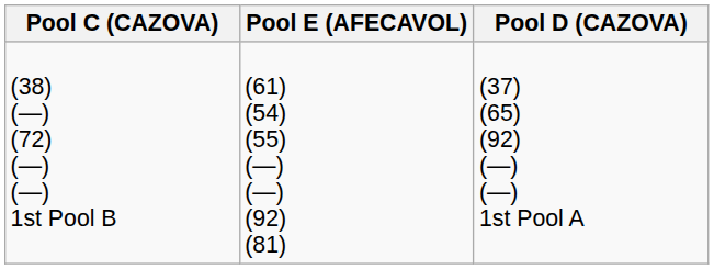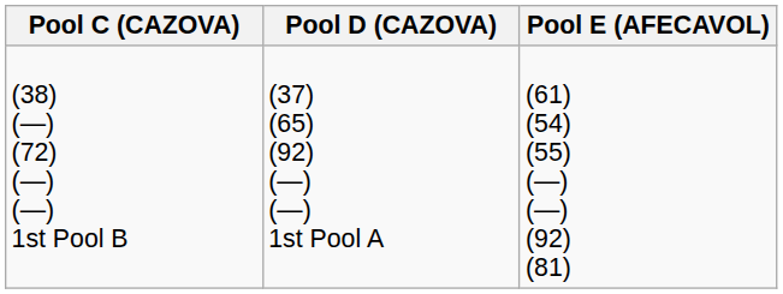 <table class="wikitable">
 <tr>
 <th width=33%>Pool C (CAZOVA)</th>
+<th width=33%>Pool D (CAZOVA)</th>
 <th width=33%>Pool E (AFECAVOL)</th>
-<th width=33%>Pool D (CAZOVA)</th>
 </tr>
 <tr>
 <td valign=top><br> (38)<br>  (—)<br>  (72)<br>  (—)<br>  (—)<br> 1st Pool B</td>
+<td valign=top><br> (37)<br>  (65)<br>  (92)<br>  (—)<br>  (—)<br> 1st Pool A</td>
 <td><br> (61)<br>  (54)<br>  (55)<br>  (—)<br>  (—)<br>  (92)<br>  (81)</td>
-<td valign=top><br> (37)<br>  (65)<br>  (92)<br>  (—)<br>  (—)<br> 1st Pool A</td>
 </tr>
 </table>
